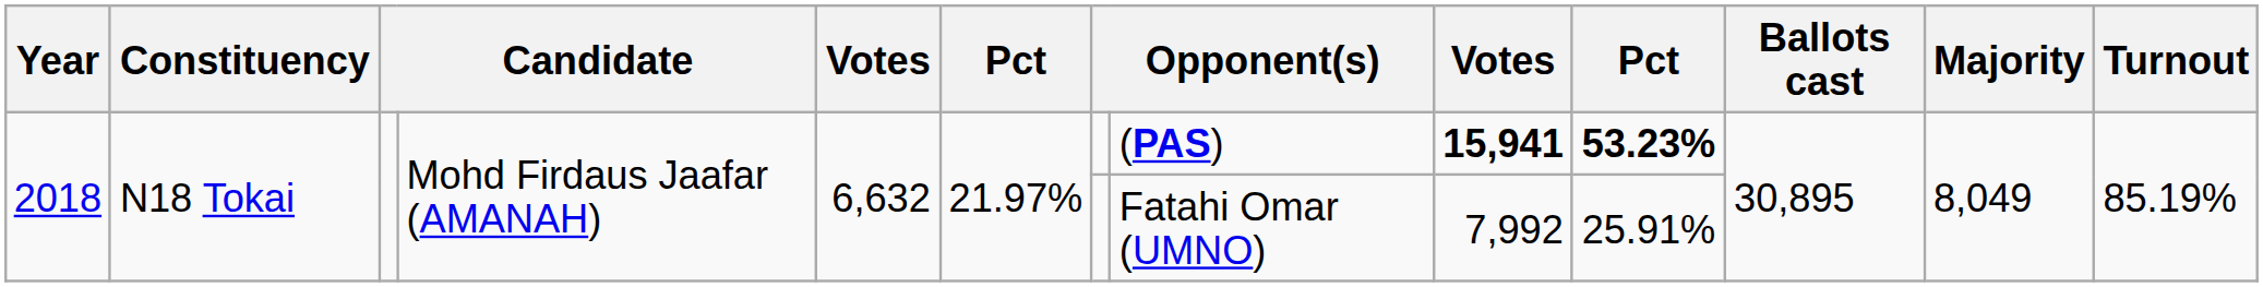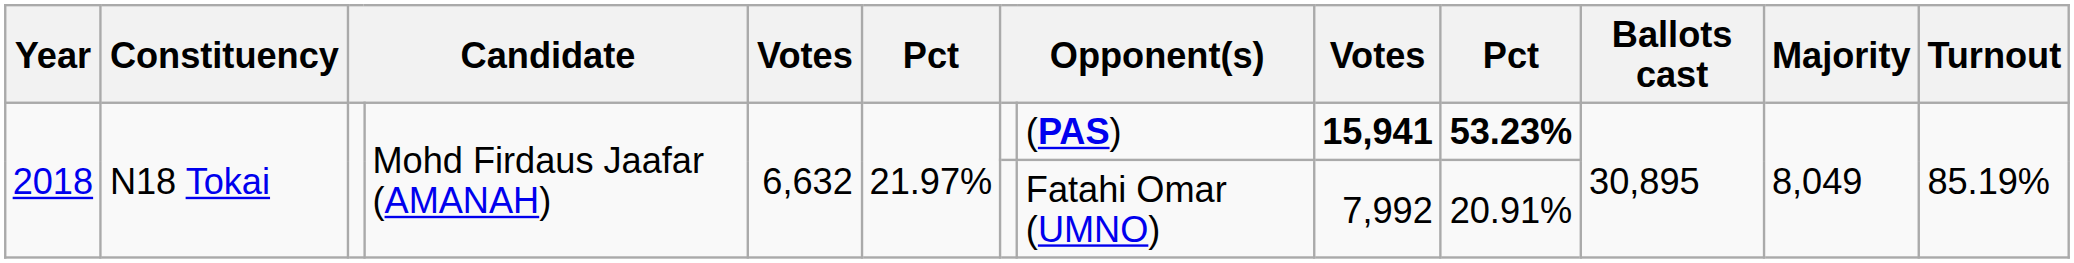 <table class="wikitable" style="margin:0.5em ; font-size:95%">
 <tr>
 <th>Year</th>
 <th>Constituency</th>
 <th colspan=2>Candidate</th>
 <th>Votes</th>
 <th>Pct</th>
 <th colspan=2>Opponent(s)</th>
 <th>Votes</th>
 <th>Pct</th>
 <th>Ballots cast</th>
 <th>Majority</th>
 <th>Turnout</th>
 </tr>
 <tr>
 <td rowspan=2><a href='#'>2018</a></td>
 <td rowspan=2>N18 <a href='#'>Tokai</a></td>
 <td rowspan=2 ></td>
 <td rowspan=2>Mohd Firdaus Jaafar (<a href='#'>AMANAH</a>)</td>
 <td rowspan=2 align="right">6,632</td>
 <td rowspan=2>21.97%</td>
 <td></td>
 <td> (<a href='#'><strong>PAS</strong></a>)</td>
 <td align="right"><strong>15,941</strong></td>
 <td><strong>53.23%</strong></td>
 <td rowspan=2>30,895</td>
 <td rowspan=2>8,049</td>
 <td rowspan=2>85.19%</td>
 </tr>
 <tr>
 <td></td>
 <td>Fatahi Omar (<a href='#'>UMNO</a>)</td>
 <td align="right">7,992</td>
-<td>25.91%</td>
+<td>20.91%</td>
 </tr>
 </table>
